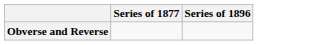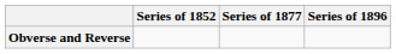 <table class="wikitable">
 <tr>
 <th></th>
+<th>Series of 1852</th>
 <th>Series of 1877</th>
 <th>Series of 1896</th>
 </tr>
 <tr>
 <th>Obverse and Reverse</th>
 <td></td>
 <td></td>
+<td></td>
 </tr>
 </table>
